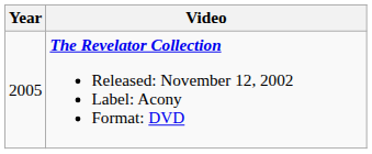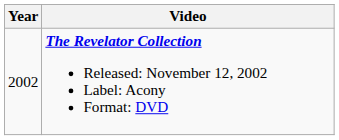 <table class="wikitable">
 <tr>
 <th>Year</th>
 <th width="300">Video</th>
 </tr>
 <tr>
-<td>2005</td>
+<td>2002</td>
 <td><strong><em><a href='#'>The Revelator Collection</a></em></strong><br><ul><li>Released: 	November 12, 2002</li><li>Label: Acony</li><li>Format: <a href='#'>DVD</a></li></ul></td>
 </tr>
 </table>
